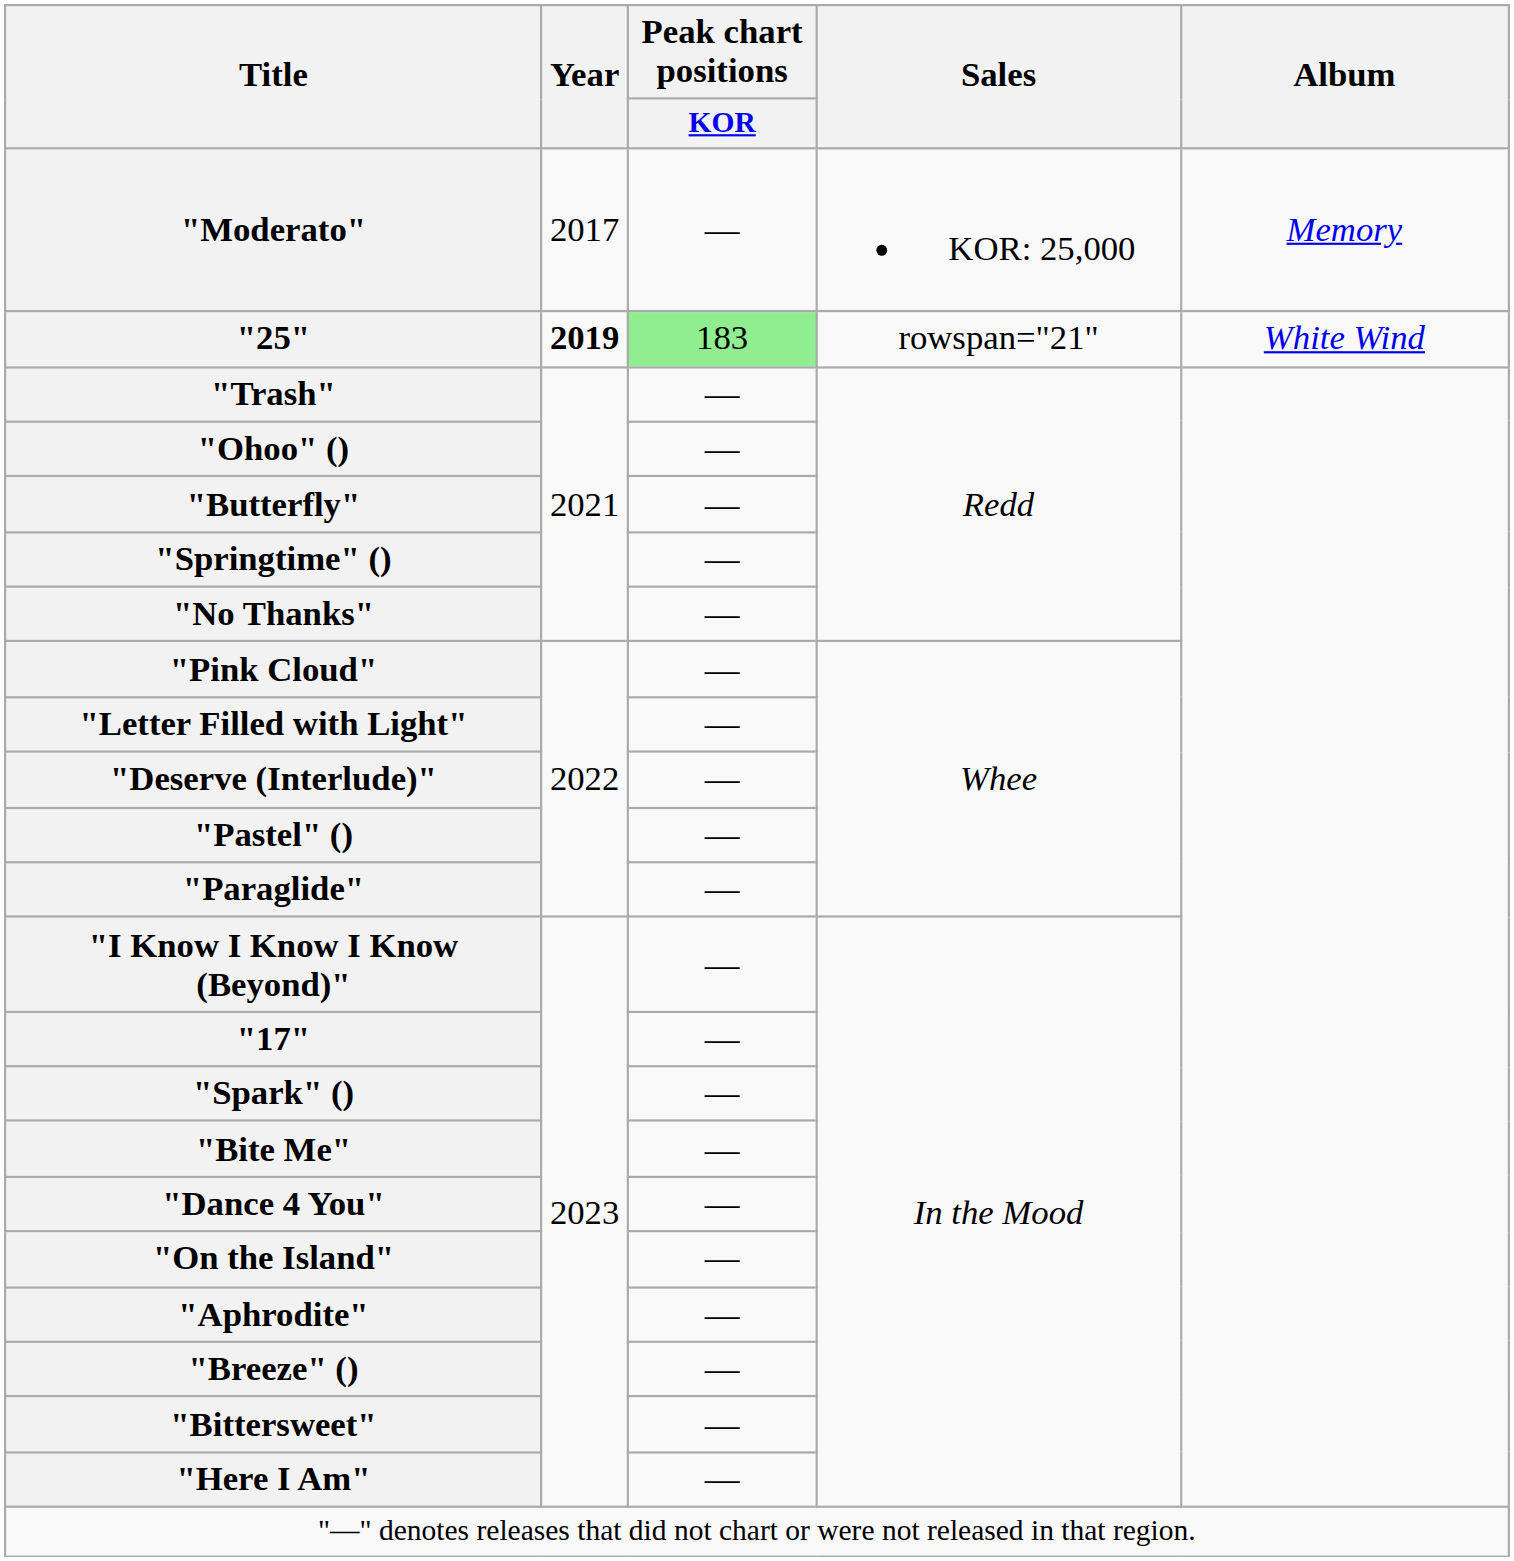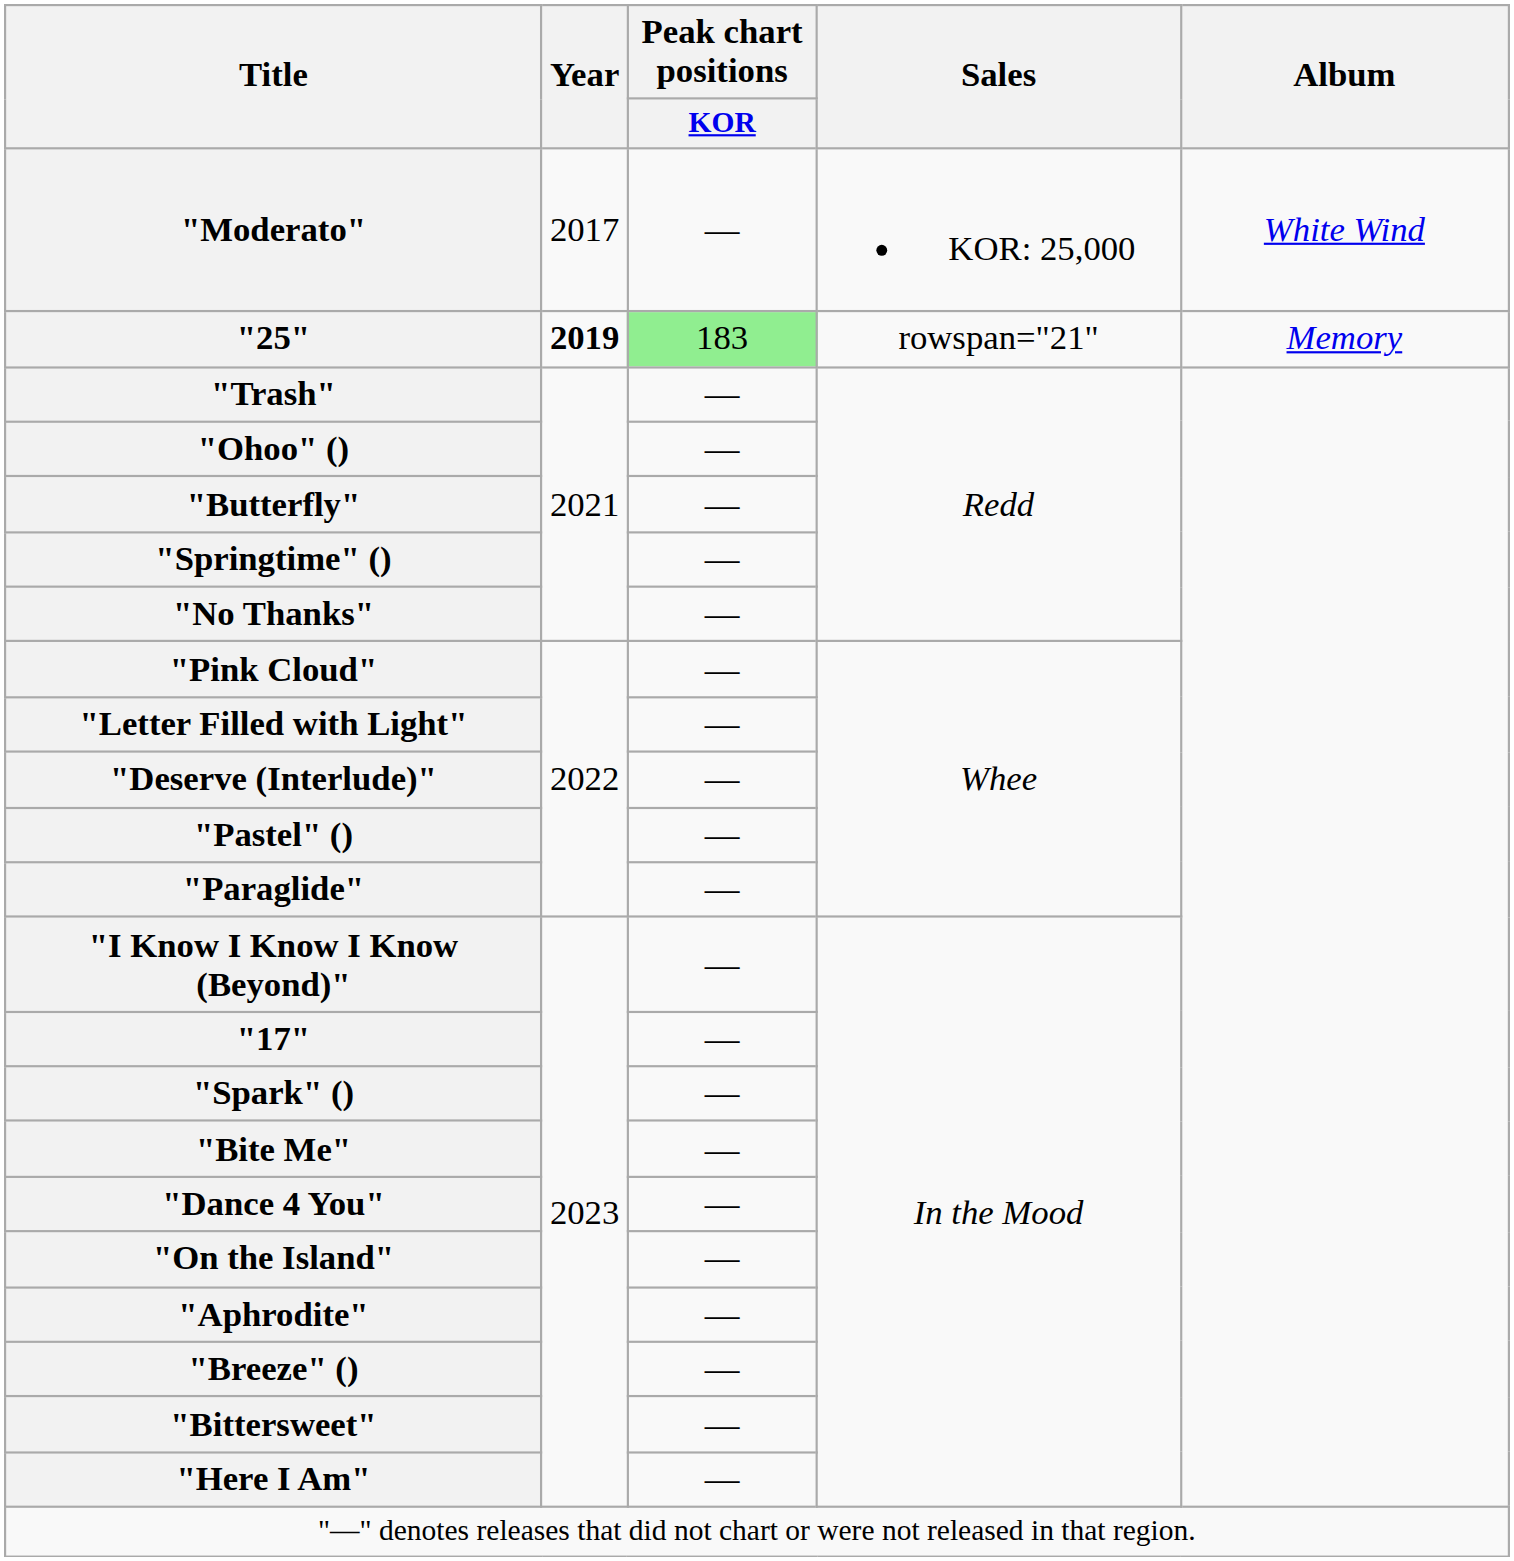 <table class="wikitable plainrowheaders" style="text-align:center" border="1">
 <tr>
 <th scope="col" rowspan="2" style="width:15em">Title</th>
 <th scope="col" rowspan="2">Year</th>
 <th scope="col" colspan="1" style="width:5em">Peak chart positions</th>
 <th scope="col" rowspan="2" style="width:10em">Sales</th>
 <th scope="col" rowspan="2" style="width:9em">Album</th>
 </tr>
 <tr>
 <th scope="col" style="width:3em;font-size:85%"><a href='#'>KOR</a><br></th>
 </tr>
 <tr>
 <th scope="row">"Moderato" </th>
 <td>2017</td>
 <td>—</td>
 <td><br><ul><li>KOR: 25,000</li></ul></td>
-<td><em><a href='#'>Memory</a></em></td>
+<td><em><a href='#'>White Wind</a></em></td>
 </tr>
 <tr>
 <th scope="row">"25"</th>
 <td><strong>2019</strong></td>
 <td style="background: lightgreen;">183</td>
 <td>rowspan="21" </td>
-<td><em><a href='#'>White Wind</a></em></td>
+<td><em><a href='#'>Memory</a></em></td>
 </tr>
 <tr>
 <th scope="row">"Trash" </th>
 <td rowspan="5">2021</td>
 <td>—</td>
 <td rowspan="5"><em>Redd</em></td>
 </tr>
 <tr>
 <th scope="row">"Ohoo" ()</th>
 <td>—</td>
 </tr>
 <tr>
 <th scope="row">"Butterfly" </th>
 <td>—</td>
 </tr>
 <tr>
 <th scope="row">"Springtime" ()</th>
 <td>—</td>
 </tr>
 <tr>
 <th scope="row">"No Thanks"</th>
 <td>—</td>
 </tr>
 <tr>
 <th scope="row">"Pink Cloud"</th>
 <td rowspan="5">2022</td>
 <td>—</td>
 <td rowspan="5"><em>Whee</em></td>
 </tr>
 <tr>
 <th scope="row">"Letter Filled with Light"</th>
 <td>—</td>
 </tr>
 <tr>
 <th scope="row">"Deserve (Interlude)"</th>
 <td>—</td>
 </tr>
 <tr>
 <th scope="row">"Pastel" ()</th>
 <td>—</td>
 </tr>
 <tr>
 <th scope="row">"Paraglide"</th>
 <td>—</td>
 </tr>
 <tr>
 <th scope="row">"I Know I Know I Know (Beyond)"</th>
 <td rowspan="10">2023</td>
 <td>—</td>
 <td rowspan="10"><em>In the Mood</em></td>
 </tr>
 <tr>
 <th scope="row">"17" </th>
 <td>—</td>
 </tr>
 <tr>
 <th scope="row">"Spark" ()</th>
 <td>—</td>
 </tr>
 <tr>
 <th scope="row">"Bite Me" </th>
 <td>—</td>
 </tr>
 <tr>
 <th scope="row">"Dance 4 You"</th>
 <td>—</td>
 </tr>
 <tr>
 <th scope="row">"On the Island"</th>
 <td>—</td>
 </tr>
 <tr>
 <th scope="row">"Aphrodite"</th>
 <td>—</td>
 </tr>
 <tr>
 <th scope="row">"Breeze" ()</th>
 <td>—</td>
 </tr>
 <tr>
 <th scope="row">"Bittersweet"</th>
 <td>—</td>
 </tr>
 <tr>
 <th scope="row">"Here I Am"</th>
 <td>—</td>
 </tr>
 <tr>
 <td colspan="5" style="font-size:85%">"—" denotes releases that did not chart or were not released in that region.</td>
 </tr>
 </table>
